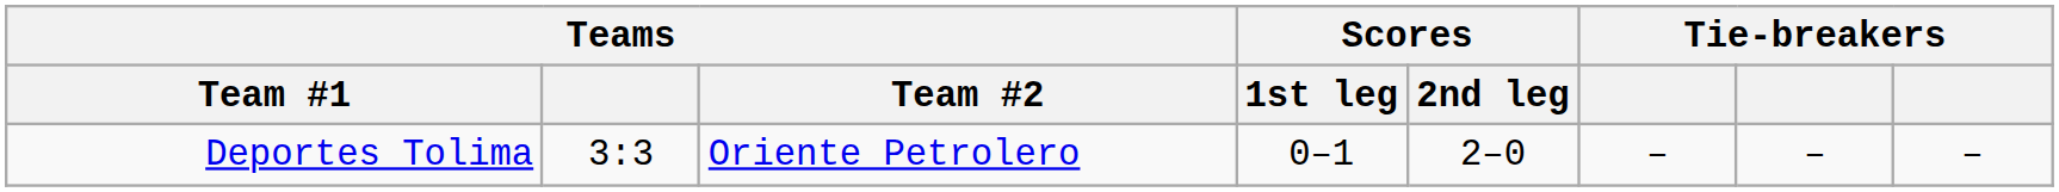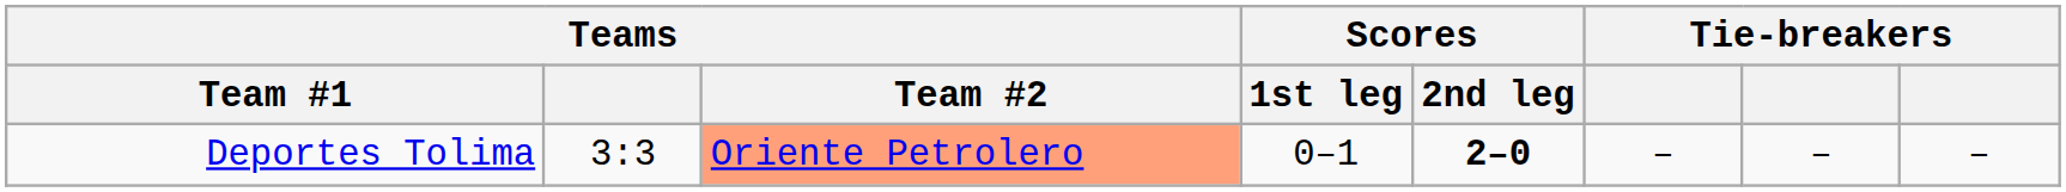 <table class="wikitable" style="text-align: center;">
 <tr>
 <th colspan=3>Teams</th>
 <th colspan=2>Scores</th>
 <th colspan=3>Tie-breakers</th>
 </tr>
 <tr>
 <th width="185">Team #1</th>
 <th width="50"></th>
 <th width="185">Team #2</th>
 <th width="55">1st leg</th>
 <th width="55">2nd leg</th>
 <th width="50"></th>
 <th width="50"></th>
 <th width="50"></th>
 </tr>
 <tr>
 <td style="text-align:right"><a href='#'>Deportes Tolima</a> </td>
 <td>3:3</td>
-<td style="text-align:left"><a href='#'>Oriente Petrolero</a> </td>
+<td style="background: lightsalmon; text-align:left"><a href='#'>Oriente Petrolero</a> </td>
 <td>0–1</td>
-<td>2–0</td>
+<td><strong>2–0</strong></td>
 <td>–</td>
 <td>–</td>
 <td>–</td>
 </tr>
 </table>
